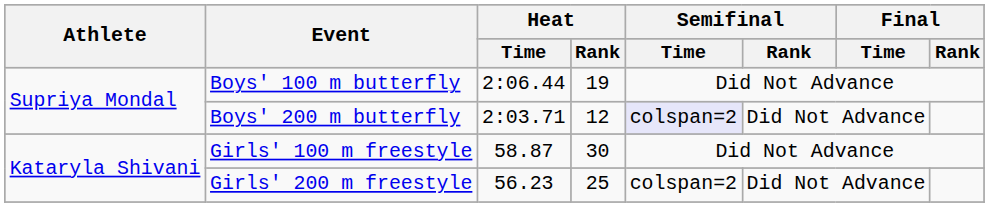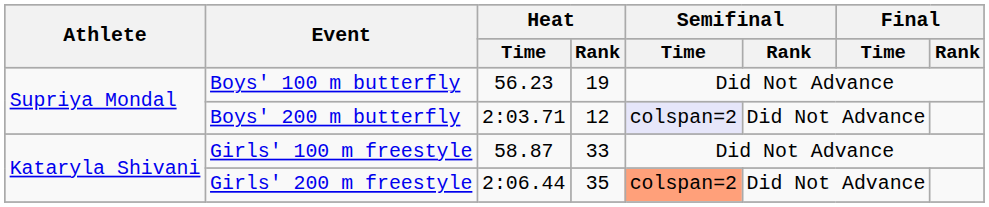 <table class=wikitable style="font-size:90%">
 <tr>
 <th rowspan=2>Athlete</th>
 <th rowspan=2>Event</th>
 <th colspan="2">Heat</th>
 <th colspan="2">Semifinal</th>
 <th colspan="2">Final</th>
 </tr>
 <tr style="font-size:95%">
 <th>Time</th>
 <th>Rank</th>
 <th>Time</th>
 <th>Rank</th>
 <th>Time</th>
 <th>Rank</th>
 </tr>
 <tr align=center>
 <td align=left rowspan=2><a href='#'>Supriya Mondal</a></td>
 <td align=left><a href='#'>Boys' 100 m butterfly</a></td>
-<td>2:06.44</td>
+<td>56.23</td>
 <td>19</td>
 <td colspan=4>Did Not Advance</td>
 </tr>
 <tr align=center>
 <td align=left><a href='#'>Boys' 200 m butterfly</a></td>
 <td>2:03.71</td>
 <td>12</td>
 <td style="background: lavender;">colspan=2 </td>
 <td colspan=2>Did Not Advance</td>
 </tr>
 <tr align=center>
 <td align=left rowspan=2><a href='#'>Kataryla Shivani</a></td>
 <td align=left><a href='#'>Girls' 100 m freestyle</a></td>
 <td>58.87</td>
-<td>30</td>
+<td>33</td>
 <td colspan=4>Did Not Advance</td>
 </tr>
 <tr align=center>
 <td align=left><a href='#'>Girls' 200 m freestyle</a></td>
-<td>56.23</td>
-<td>25</td>
-<td>colspan=2 </td>
+<td>2:06.44</td>
+<td>35</td>
+<td style="background: lightsalmon;">colspan=2 </td>
 <td colspan=2>Did Not Advance</td>
 </tr>
 </table>
